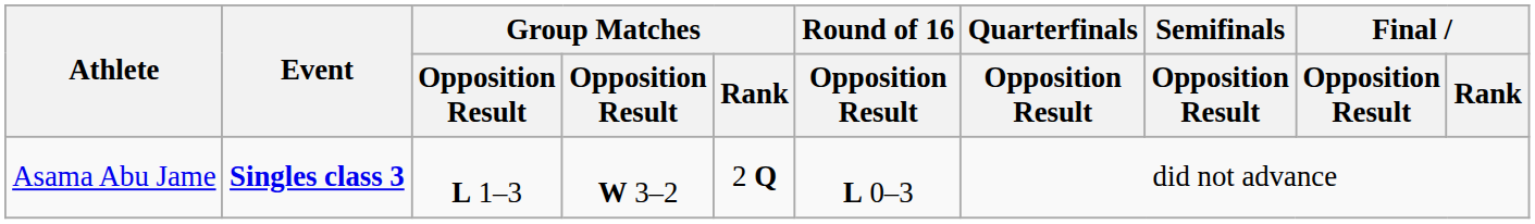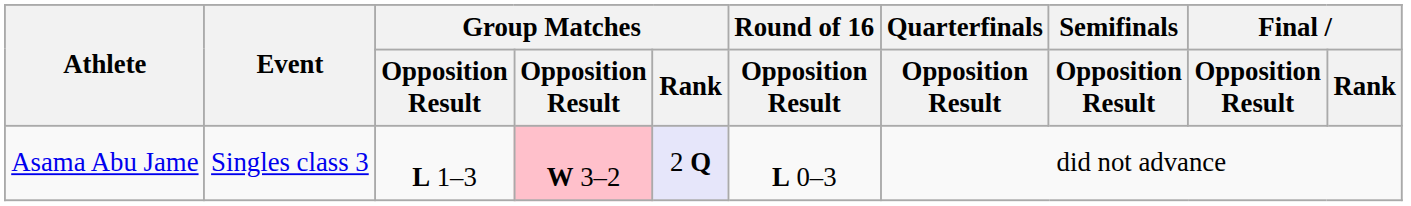 <table class=wikitable style="font-size:90%">
 <tr>
 <th rowspan="2">Athlete</th>
 <th rowspan="2">Event</th>
 <th colspan="3">Group Matches</th>
 <th>Round of 16</th>
 <th>Quarterfinals</th>
 <th>Semifinals</th>
 <th colspan="2">Final / </th>
 </tr>
 <tr>
 <th>Opposition<br>Result</th>
 <th>Opposition<br>Result</th>
 <th>Rank</th>
 <th>Opposition<br>Result</th>
 <th>Opposition<br>Result</th>
 <th>Opposition<br>Result</th>
 <th>Opposition<br>Result</th>
 <th>Rank</th>
 </tr>
 <tr align=center>
 <td align=left><a href='#'>Asama Abu Jame</a></td>
-<td align=left><strong><a href='#'>Singles class 3</a></strong></td>
+<td align=left><a href='#'>Singles class 3</a></td>
 <td><br><strong>L</strong> 1–3</td>
-<td><br><strong>W</strong> 3–2</td>
-<td>2 <strong>Q</strong></td>
+<td style="background: pink;"><br><strong>W</strong> 3–2</td>
+<td style="background: lavender;">2 <strong>Q</strong></td>
 <td><br><strong>L</strong> 0–3</td>
 <td colspan=4>did not advance</td>
 </tr>
 </table>
